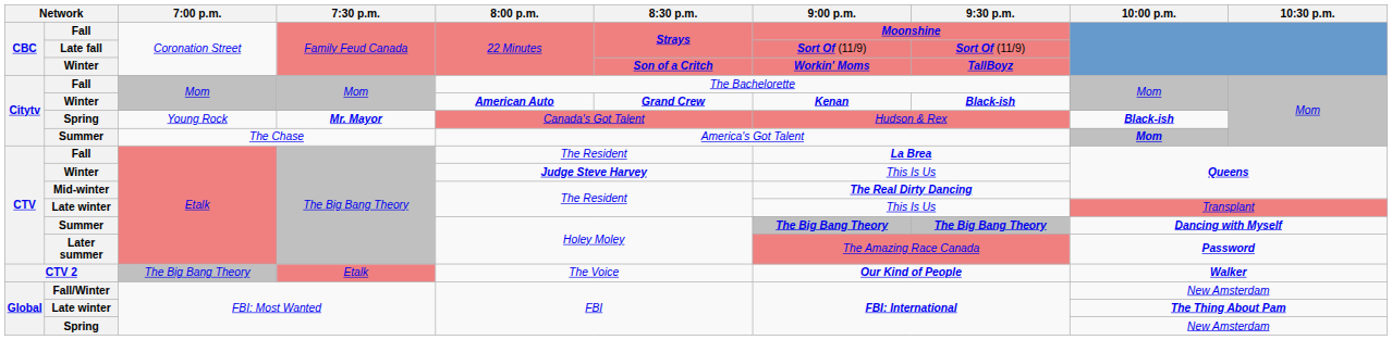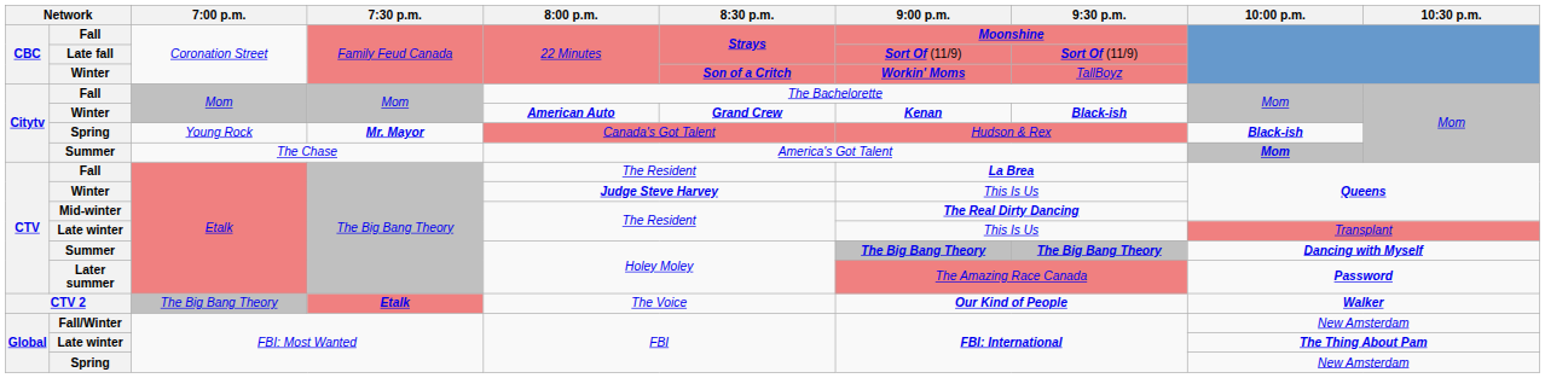 <table class=wikitable style=width:100%;margin-right:0;text-align:center>
 <tr>
 <th style=width:8% colspan=2>Network</th>
 <th style=width:11.5%>7:00 p.m.</th>
 <th style=width:11.5%>7:30 p.m.</th>
 <th style=width:11.5%>8:00 p.m.</th>
 <th style=width:11.5%>8:30 p.m.</th>
 <th style=width:11.5%>9:00 p.m.</th>
 <th style=width:11.5%>9:30 p.m.</th>
 <th style=width:11.5%>10:00 p.m.</th>
 <th style=width:11.5%>10:30 p.m.</th>
 </tr>
 <tr>
 <th rowspan=3><a href='#'>CBC</a></th>
 <th>Fall</th>
 <td rowspan=3><em><a href='#'>Coronation Street</a></em></td>
 <td style=background:#F08080 rowspan=3><em><a href='#'>Family Feud Canada</a></em></td>
 <td style=background:#F08080 rowspan=3><em><a href='#'>22 Minutes</a></em></td>
 <td style=background:#F08080 rowspan=2><strong><em><a href='#'>Strays</a></em></strong></td>
 <td style=background:#F08080 colspan=2><strong><em><a href='#'>Moonshine</a></em></strong></td>
 <td style=background:#6699CC colspan=2 rowspan=3></td>
 </tr>
 <tr>
 <th>Late fall</th>
 <td style=background:#F08080><strong><em><a href='#'>Sort Of</a></em></strong> (11/9)</td>
 <td style=background:#F08080><strong><em><a href='#'>Sort Of</a></em></strong> (11/9)</td>
 </tr>
 <tr>
 <th>Winter</th>
 <td style=background:#F08080><strong><em><a href='#'>Son of a Critch</a></em></strong>  </td>
 <td style=background:#F08080><strong><em><a href='#'>Workin' Moms</a></em> </strong></td>
-<td style=background:#F08080><strong><em><a href='#'>TallBoyz</a></em> </strong></td>
+<td style=background:#F08080><em><a href='#'>TallBoyz</a></em> </td>
 </tr>
 <tr>
 <th rowspan=4><a href='#'>Citytv</a></th>
 <th>Fall</th>
 <td style=background:#C0C0C0 rowspan=2><em><a href='#'>Mom</a></em> </td>
 <td style=background:#C0C0C0 rowspan=2><em><a href='#'>Mom</a></em> </td>
 <td colspan=4><em><a href='#'>The Bachelorette</a></em></td>
 <td style=background:#C0C0C0 rowspan=2><em><a href='#'>Mom</a></em> </td>
 <td style=background:#C0C0C0 rowspan=4><em><a href='#'>Mom</a></em> </td>
 </tr>
 <tr>
 <th>Winter</th>
 <td><strong><em><a href='#'>American Auto</a></em></strong> </td>
 <td><strong><em><a href='#'>Grand Crew</a></em></strong> </td>
 <td><strong><em><a href='#'>Kenan</a></em> </strong></td>
 <td><strong><em><a href='#'>Black-ish</a></em> </strong></td>
 </tr>
 <tr>
 <th>Spring</th>
 <td><em><a href='#'>Young Rock</a></em> </td>
 <td><strong><em><a href='#'>Mr. Mayor</a></em> </strong></td>
 <td style=background:#f08080 colspan=2><em><a href='#'>Canada's Got Talent</a></em> </td>
 <td style=background:#f08080 colspan=2><em><a href='#'>Hudson & Rex</a></em> </td>
 <td><strong><em><a href='#'>Black-ish</a></em> </strong></td>
 </tr>
 <tr>
 <th>Summer</th>
 <td colspan=2><em><a href='#'>The Chase</a></em></td>
 <td colspan=4><em><a href='#'>America's Got Talent</a></em> </td>
 <td style=background:#C0C0C0><strong><em><a href='#'>Mom</a></em> </strong></td>
 </tr>
 <tr>
 <th rowspan=6><a href='#'>CTV</a></th>
 <th>Fall</th>
 <td style=background:#F08080 rowspan=6><em><a href='#'>Etalk</a></em></td>
 <td style=background:#C0C0C0 rowspan=6><em><a href='#'>The Big Bang Theory</a></em> </td>
 <td colspan=2><em><a href='#'>The Resident</a></em></td>
 <td colspan=2><strong><em><a href='#'>La Brea</a></em></strong></td>
 <td colspan=2 rowspan=3><strong><em><a href='#'>Queens</a></em></strong></td>
 </tr>
 <tr>
 <th>Winter</th>
 <td colspan=2><strong><em><a href='#'>Judge Steve Harvey</a></em></strong> </td>
 <td colspan=2><em><a href='#'>This Is Us</a></em> </td>
 </tr>
 <tr>
 <th>Mid-winter</th>
 <td colspan=2 rowspan=2><em><a href='#'>The Resident</a></em></td>
 <td colspan=2><strong><em><a href='#'>The Real Dirty Dancing</a></em></strong> </td>
 </tr>
 <tr>
 <th>Late winter</th>
 <td colspan=2><em><a href='#'>This Is Us</a></em></td>
 <td style=background:#F08080 colspan=2><em><a href='#'>Transplant</a></em> </td>
 </tr>
 <tr>
 <th>Summer</th>
 <td colspan=2 rowspan=2><em><a href='#'>Holey Moley</a></em> </td>
 <td style=background:#C0C0C0><strong><em><a href='#'>The Big Bang Theory</a></em>  </strong></td>
 <td style=background:#C0C0C0><strong><em><a href='#'>The Big Bang Theory</a></em>  </strong></td>
 <td colspan=2><strong><em><a href='#'>Dancing with Myself</a></em></strong> </td>
 </tr>
 <tr>
 <th>Later summer</th>
 <td style=background:#F08080 colspan=2><em><a href='#'>The Amazing Race Canada</a></em> </td>
 <td colspan=2><strong><em><a href='#'>Password</a></em></strong> </td>
 </tr>
 <tr>
 <th colspan=2><a href='#'>CTV 2</a></th>
 <td style=background:#C0C0C0><em><a href='#'>The Big Bang Theory</a></em> </td>
-<td style=background:#F08080><em><a href='#'>Etalk</a></em></td>
+<td style=background:#F08080><strong><em><a href='#'>Etalk</a></em></strong></td>
 <td colspan=2><em><a href='#'>The Voice</a></em></td>
 <td colspan=2><strong><em><a href='#'>Our Kind of People</a></em></strong></td>
 <td colspan=2><strong><em><a href='#'>Walker</a></em></strong></td>
 </tr>
 <tr>
 <th rowspan=3><a href='#'>Global</a></th>
 <th>Fall/Winter</th>
 <td colspan=2 rowspan=3><em><a href='#'>FBI: Most Wanted</a></em></td>
 <td colspan=2 rowspan=3><em><a href='#'>FBI</a></em></td>
 <td colspan=2 rowspan=3><strong><em><a href='#'>FBI: International</a></em></strong></td>
 <td colspan=2><em><a href='#'>New Amsterdam</a></em></td>
 </tr>
 <tr>
 <th>Late winter</th>
 <td colspan=2><strong><em><a href='#'>The Thing About Pam</a></em></strong> </td>
 </tr>
 <tr>
 <th>Spring</th>
 <td colspan=2><em><a href='#'>New Amsterdam</a></em> </td>
 </tr>
 </table>
